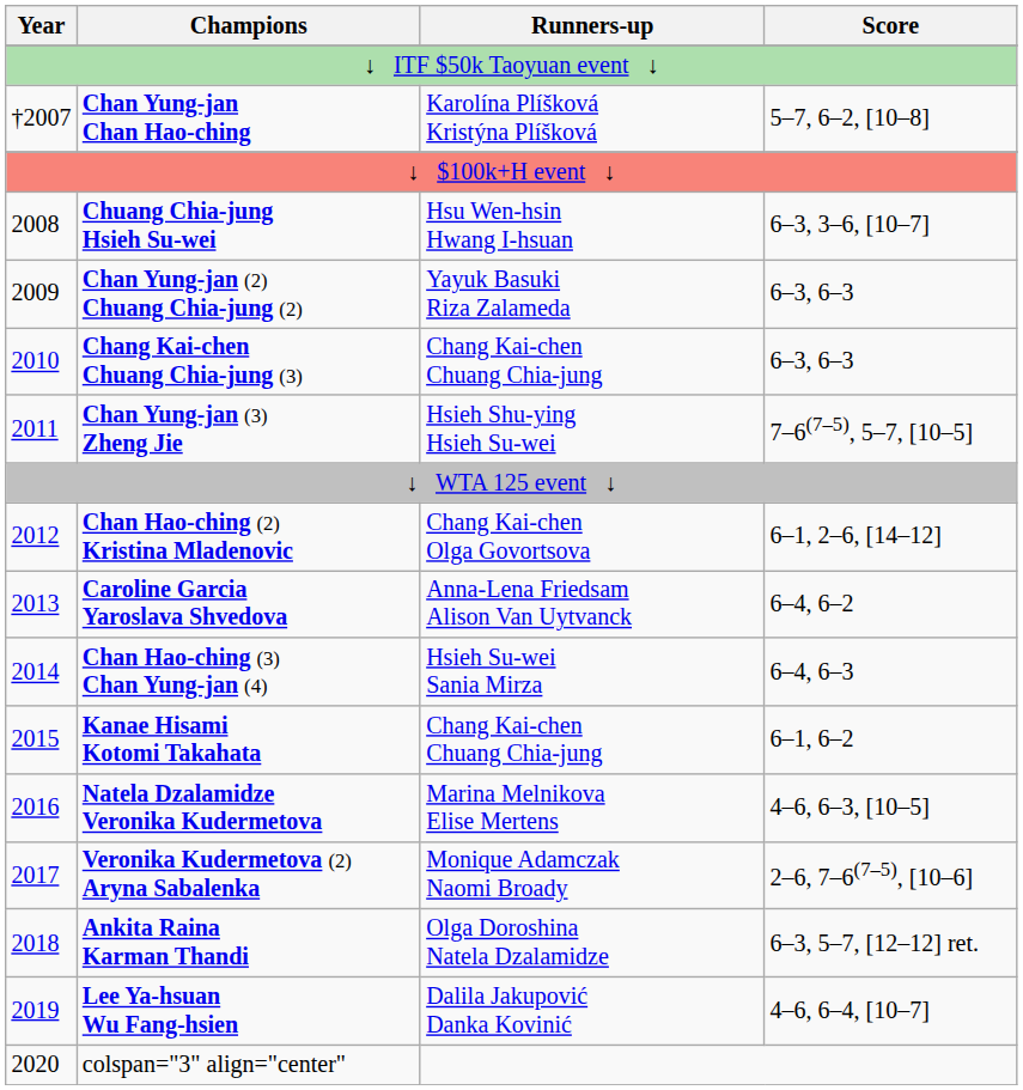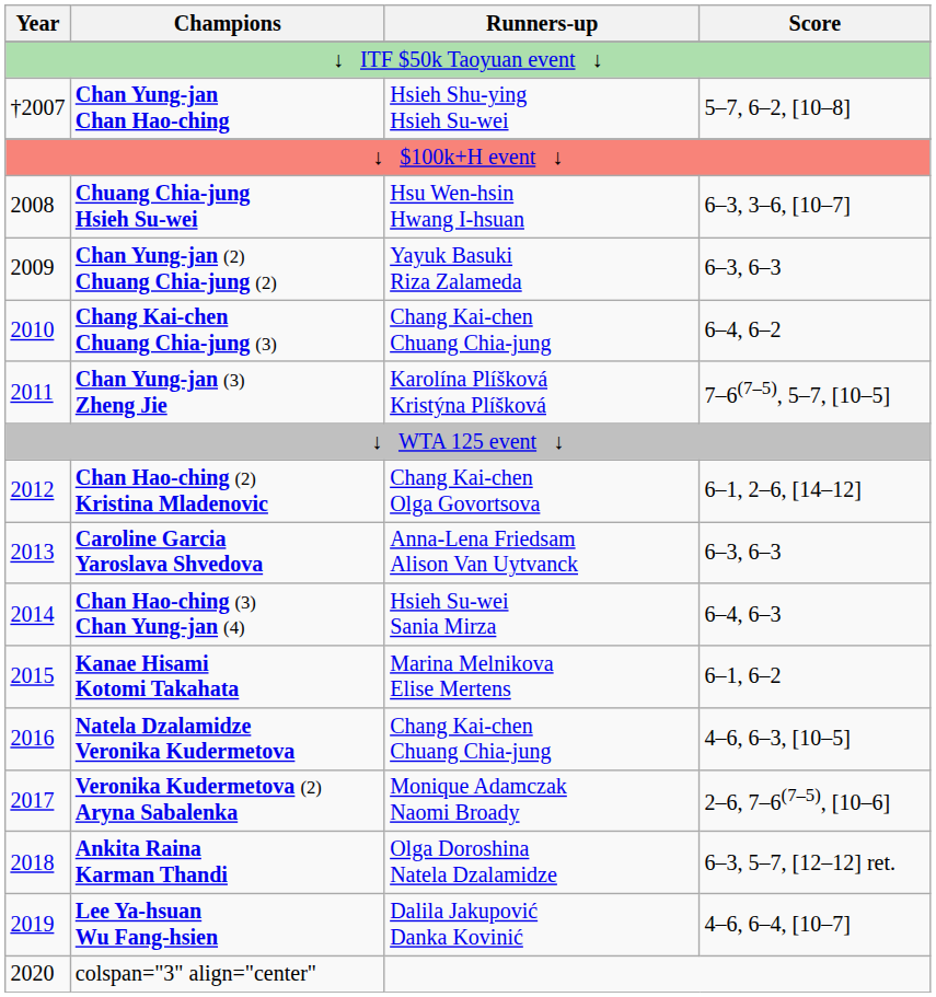 <table class="wikitable" style="font-size:90%">
 <tr>
 <th>Year</th>
 <th width="200">Champions</th>
 <th width="200">Runners-up</th>
 <th width="145">Score</th>
 </tr>
 <tr>
 </tr>
 <tr bgcolor="#addfad">
 <td colspan="5" align="center">↓   <a href='#'>ITF $50k Taoyuan event</a>   ↓</td>
 </tr>
 <tr>
 <td>†2007</td>
 <td> <strong><a href='#'>Chan Yung-jan</a></strong> <br>  <strong><a href='#'>Chan Hao-ching</a></strong></td>
-<td> <a href='#'>Karolína Plíšková</a> <br>  <a href='#'>Kristýna Plíšková</a></td>
+<td> <a href='#'>Hsieh Shu-ying</a> <br>  <a href='#'>Hsieh Su-wei</a></td>
 <td>5–7, 6–2, [10–8]</td>
 </tr>
 <tr>
 </tr>
 <tr bgcolor="#f88379">
 <td colspan="5" align="center">↓   <a href='#'>$100k+H event</a>   ↓</td>
 </tr>
 <tr>
 <td>2008</td>
 <td> <strong><a href='#'>Chuang Chia-jung</a></strong> <br>  <strong><a href='#'>Hsieh Su-wei</a></strong></td>
 <td> <a href='#'>Hsu Wen-hsin</a> <br>  <a href='#'>Hwang I-hsuan</a></td>
 <td>6–3, 3–6, [10–7]</td>
 </tr>
 <tr>
 <td>2009</td>
 <td> <strong><a href='#'>Chan Yung-jan</a></strong> <small>(2)</small> <br>  <strong><a href='#'>Chuang Chia-jung</a></strong> <small>(2)</small></td>
 <td> <a href='#'>Yayuk Basuki</a> <br>  <a href='#'>Riza Zalameda</a></td>
 <td>6–3, 6–3</td>
 </tr>
 <tr>
 <td><a href='#'>2010</a></td>
 <td> <strong><a href='#'>Chang Kai-chen</a></strong> <br>  <strong><a href='#'>Chuang Chia-jung</a></strong> <small>(3)</small></td>
 <td> <a href='#'>Chang Kai-chen</a> <br>  <a href='#'>Chuang Chia-jung</a></td>
-<td>6–3, 6–3</td>
+<td>6–4, 6–2</td>
 </tr>
 <tr>
 <td><a href='#'>2011</a></td>
 <td> <strong><a href='#'>Chan Yung-jan</a></strong> <small>(3)</small> <br>  <strong><a href='#'>Zheng Jie</a></strong></td>
-<td> <a href='#'>Hsieh Shu-ying</a> <br>  <a href='#'>Hsieh Su-wei</a></td>
+<td> <a href='#'>Karolína Plíšková</a> <br>  <a href='#'>Kristýna Plíšková</a></td>
 <td>7–6<sup>(7–5)</sup>, 5–7, [10–5]</td>
 </tr>
 <tr bgcolor="silver">
 <td colspan="5" align="center">↓   <a href='#'>WTA 125 event</a>   ↓</td>
 </tr>
 <tr>
 <td><a href='#'>2012</a></td>
 <td> <strong><a href='#'>Chan Hao-ching</a></strong> <small>(2)</small> <br>  <strong><a href='#'>Kristina Mladenovic</a></strong></td>
 <td> <a href='#'>Chang Kai-chen</a> <br>  <a href='#'>Olga Govortsova</a></td>
 <td>6–1, 2–6, [14–12]</td>
 </tr>
 <tr>
 <td><a href='#'>2013</a></td>
 <td> <strong><a href='#'>Caroline Garcia</a></strong> <br>  <strong><a href='#'>Yaroslava Shvedova</a></strong></td>
 <td> <a href='#'>Anna-Lena Friedsam</a> <br>  <a href='#'>Alison Van Uytvanck</a></td>
-<td>6–4, 6–2</td>
+<td>6–3, 6–3</td>
 </tr>
 <tr>
 <td><a href='#'>2014</a></td>
 <td> <strong><a href='#'>Chan Hao-ching</a></strong> <small>(3)</small> <br>  <strong><a href='#'>Chan Yung-jan</a></strong> <small>(4)</small></td>
 <td> <a href='#'>Hsieh Su-wei</a> <br>  <a href='#'>Sania Mirza</a></td>
 <td>6–4, 6–3</td>
 </tr>
 <tr>
 <td><a href='#'>2015</a></td>
 <td> <strong><a href='#'>Kanae Hisami</a></strong> <br>  <strong><a href='#'>Kotomi Takahata</a></strong></td>
-<td> <a href='#'>Chang Kai-chen</a> <br>  <a href='#'>Chuang Chia-jung</a></td>
+<td> <a href='#'>Marina Melnikova</a> <br>  <a href='#'>Elise Mertens</a></td>
 <td>6–1, 6–2</td>
 </tr>
 <tr>
 <td><a href='#'>2016</a></td>
 <td> <strong><a href='#'>Natela Dzalamidze</a></strong> <br>  <strong><a href='#'>Veronika Kudermetova</a></strong></td>
-<td> <a href='#'>Marina Melnikova</a> <br>  <a href='#'>Elise Mertens</a></td>
+<td> <a href='#'>Chang Kai-chen</a> <br>  <a href='#'>Chuang Chia-jung</a></td>
 <td>4–6, 6–3, [10–5]</td>
 </tr>
 <tr>
 <td><a href='#'>2017</a></td>
 <td> <strong><a href='#'>Veronika Kudermetova</a></strong> <small>(2)</small> <br>  <strong><a href='#'>Aryna Sabalenka</a></strong></td>
 <td> <a href='#'>Monique Adamczak</a> <br>  <a href='#'>Naomi Broady</a></td>
 <td>2–6, 7–6<sup>(7–5)</sup>, [10–6]</td>
 </tr>
 <tr>
 <td><a href='#'>2018</a></td>
 <td> <strong><a href='#'>Ankita Raina</a></strong> <br>  <strong><a href='#'>Karman Thandi</a></strong></td>
 <td> <a href='#'>Olga Doroshina</a> <br>  <a href='#'>Natela Dzalamidze</a></td>
 <td>6–3, 5–7, [12–12] ret.</td>
 </tr>
 <tr>
 <td><a href='#'>2019</a></td>
 <td> <strong><a href='#'>Lee Ya-hsuan</a></strong> <br>  <strong><a href='#'>Wu Fang-hsien</a></strong></td>
 <td> <a href='#'>Dalila Jakupović</a> <br>  <a href='#'>Danka Kovinić</a></td>
 <td>4–6, 6–4, [10–7]</td>
 </tr>
 <tr>
 <td>2020</td>
 <td>colspan="3" align="center" </td>
 </tr>
 </table>
